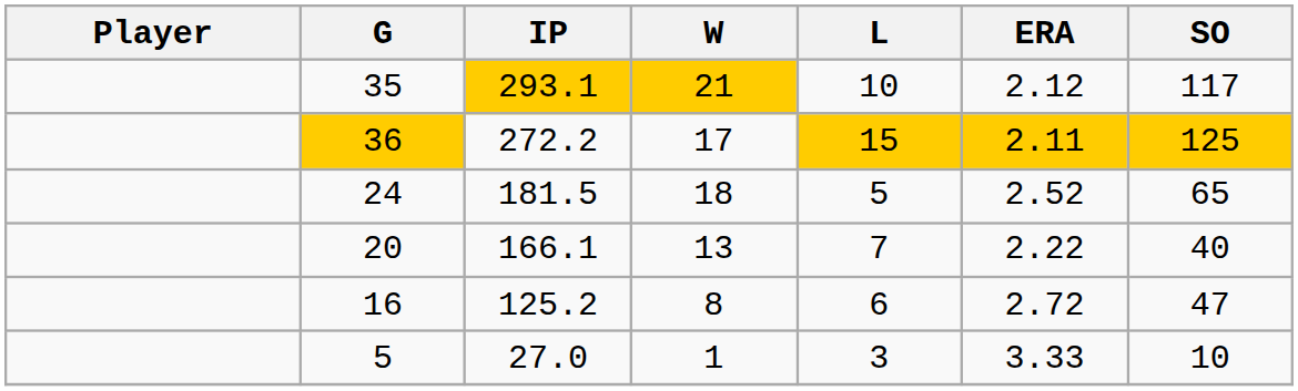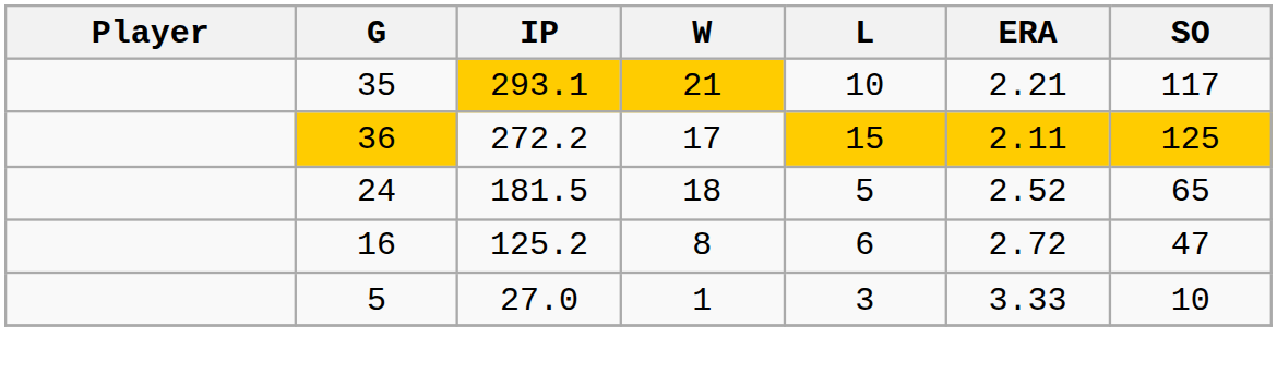 <table class="wikitable sortable">
 <tr>
 <th bgcolor="#DDDDFF" width="16%">Player</th>
 <th bgcolor="#DDDDFF" width="9%">G</th>
 <th bgcolor="#DDDDFF" width="9%">IP</th>
 <th bgcolor="#DDDDFF" width="9%">W</th>
 <th bgcolor="#DDDDFF" width="9%">L</th>
 <th bgcolor="#DDDDFF" width="9%">ERA</th>
 <th bgcolor="#DDDDFF" width="9%">SO</th>
 </tr>
 <tr align="center">
 <td></td>
 <td>35</td>
 <td style="background:#fc0;">293.1</td>
 <td style="background:#fc0;">21</td>
 <td>10</td>
-<td>2.12</td>
+<td>2.21</td>
 <td>117</td>
 </tr>
 <tr align="center">
 <td></td>
 <td style="background:#fc0;">36</td>
 <td>272.2</td>
 <td>17</td>
 <td style="background:#fc0;">15</td>
 <td style="background:#fc0;">2.11</td>
 <td style="background:#fc0;">125</td>
 </tr>
 <tr align="center">
 <td></td>
 <td>24</td>
 <td>181.5</td>
 <td>18</td>
 <td>5</td>
 <td>2.52</td>
 <td>65</td>
 </tr>
 <tr align="center">
 <td></td>
-<td>20</td>
-<td>166.1</td>
-<td>13</td>
-<td>7</td>
-<td>2.22</td>
-<td>40</td>
-</tr>
-<tr align="center">
-<td></td>
 <td>16</td>
 <td>125.2</td>
 <td>8</td>
 <td>6</td>
 <td>2.72</td>
 <td>47</td>
 </tr>
 <tr align="center">
 <td></td>
 <td>5</td>
 <td>27.0</td>
 <td>1</td>
 <td>3</td>
 <td>3.33</td>
 <td>10</td>
 </tr>
 <tr align="center">
 </tr>
 </table>
